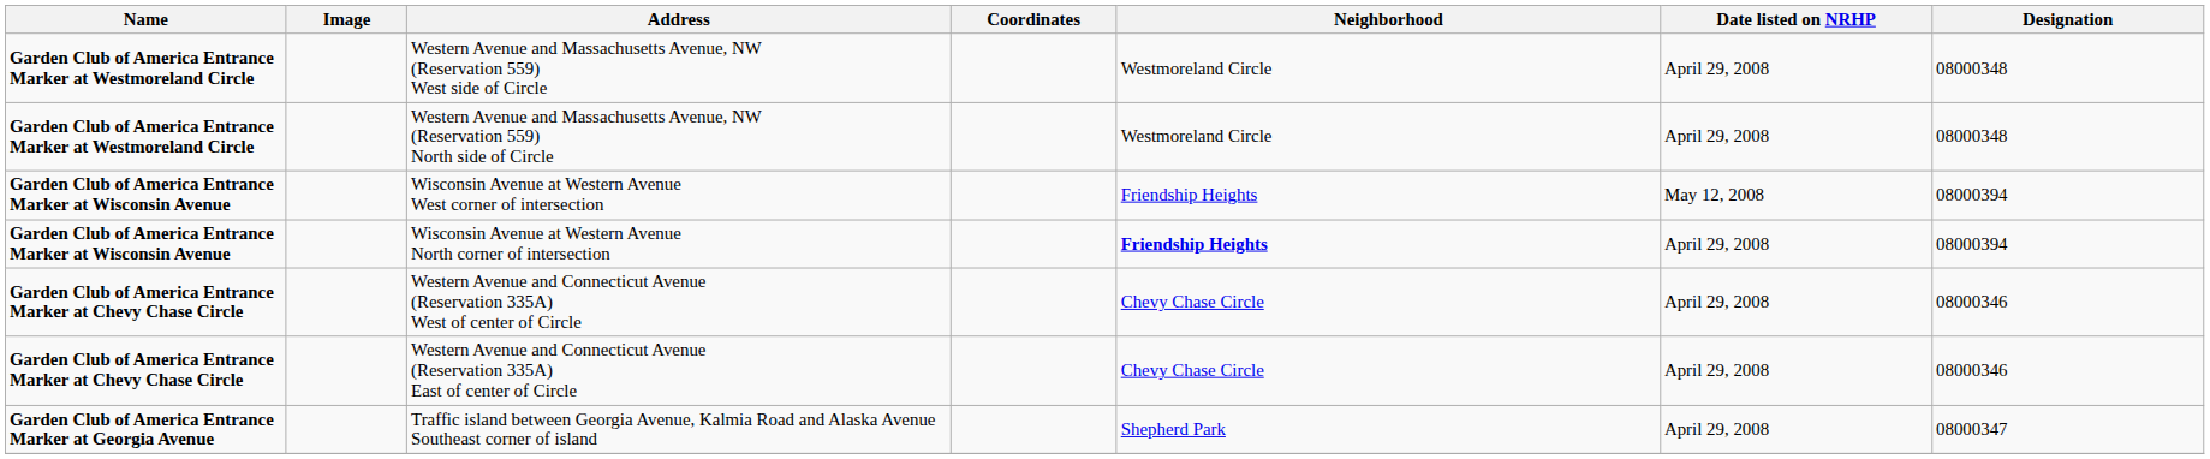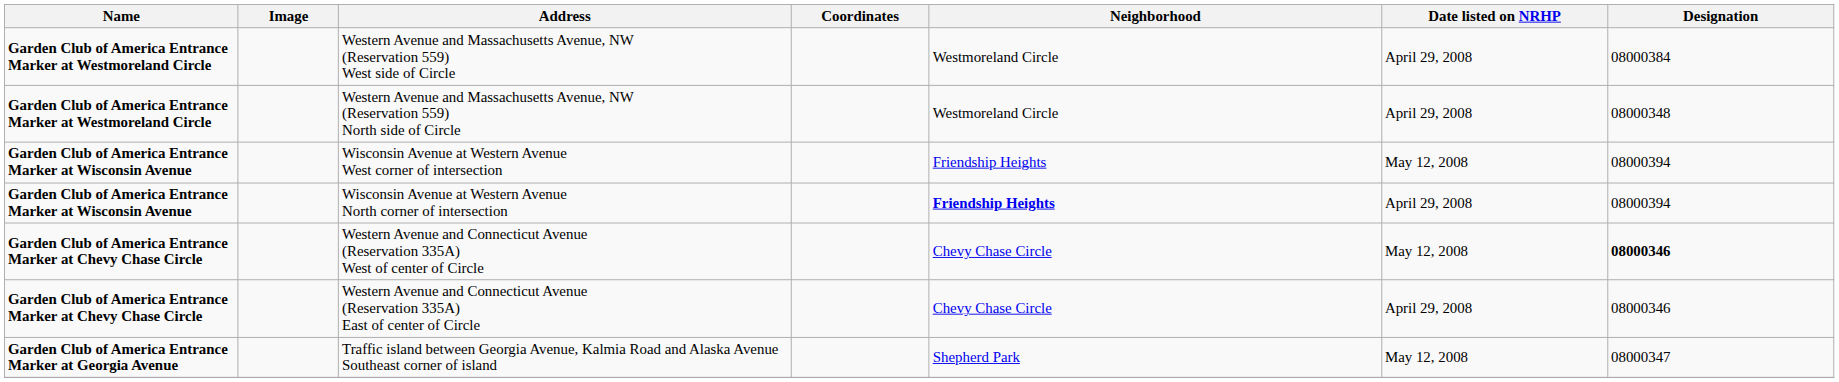 <table class="wikitable">
 <tr>
 <th style="width:5%"><strong>Name</strong></th>
 <th style="width:2%"><strong>Image</strong></th>
 <th style="width:10%"><strong>Address</strong></th>
 <th style="width:2%"><strong>Coordinates</strong></th>
 <th style="width:10%"><strong>Neighborhood</strong></th>
 <th style="width:5%"><strong>Date listed on <a href='#'>NRHP</a></strong></th>
 <th style="width:5%"><strong>Designation</strong></th>
 </tr>
 <tr>
 <td><strong>Garden Club of America Entrance Marker at Westmoreland Circle</strong></td>
 <td></td>
 <td>Western Avenue and Massachusetts Avenue, NW<br>(Reservation 559)<br>West side of Circle</td>
 <td></td>
 <td>Westmoreland Circle</td>
 <td>April 29, 2008</td>
-<td>08000348</td>
+<td>08000384</td>
 </tr>
 <tr>
 <td><strong>Garden Club of America Entrance Marker at Westmoreland Circle</strong></td>
 <td><br></td>
 <td>Western Avenue and Massachusetts Avenue, NW<br>(Reservation 559)<br>North side of Circle</td>
 <td></td>
 <td>Westmoreland Circle</td>
 <td>April 29, 2008</td>
 <td>08000348</td>
 </tr>
 <tr>
 <td><strong>Garden Club of America Entrance Marker at Wisconsin Avenue</strong></td>
 <td><br></td>
 <td>Wisconsin Avenue at Western Avenue<br>West corner of intersection</td>
 <td></td>
 <td><a href='#'>Friendship Heights</a></td>
 <td>May 12, 2008</td>
 <td>08000394</td>
 </tr>
 <tr>
 <td><strong>Garden Club of America Entrance Marker at Wisconsin Avenue</strong></td>
 <td><br></td>
 <td>Wisconsin Avenue at Western Avenue<br>North corner of intersection</td>
 <td></td>
 <td><strong><a href='#'>Friendship Heights</a></strong></td>
 <td>April 29, 2008</td>
 <td>08000394</td>
 </tr>
 <tr>
 <td><strong>Garden Club of America Entrance Marker at Chevy Chase Circle</strong></td>
 <td></td>
 <td>Western Avenue and Connecticut Avenue<br>(Reservation 335A)<br>West of center of Circle</td>
 <td></td>
 <td><a href='#'>Chevy Chase Circle</a></td>
-<td>April 29, 2008</td>
-<td>08000346</td>
+<td>May 12, 2008</td>
+<td><strong>08000346</strong></td>
 </tr>
 <tr>
 <td><strong>Garden Club of America Entrance Marker at Chevy Chase Circle</strong></td>
 <td><br></td>
 <td>Western Avenue and Connecticut Avenue<br>(Reservation 335A)<br>East of center of Circle</td>
 <td></td>
 <td><a href='#'>Chevy Chase Circle</a></td>
 <td>April 29, 2008</td>
 <td>08000346</td>
 </tr>
 <tr>
 <td><strong>Garden Club of America Entrance Marker at Georgia Avenue</strong></td>
 <td><br></td>
 <td>Traffic island between Georgia Avenue, Kalmia Road and Alaska Avenue<br>Southeast corner of island</td>
 <td></td>
 <td><a href='#'>Shepherd Park</a></td>
-<td>April 29, 2008</td>
+<td>May 12, 2008</td>
 <td>08000347</td>
 </tr>
 <tr>
 </tr>
 </table>
